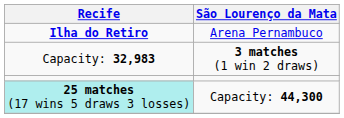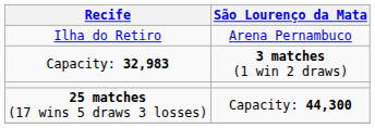 <table class="wikitable" style="text-align:center">
 <tr>
 <th><a href='#'>Recife</a></th>
 <th><a href='#'>São Lourenço da Mata</a></th>
 </tr>
 <tr>
-<td><strong><a href='#'>Ilha do Retiro</a></strong></td>
+<td><a href='#'>Ilha do Retiro</a></td>
 <td><a href='#'>Arena Pernambuco</a></td>
 </tr>
 <tr>
 <td>Capacity: <strong>32,983</strong></td>
 <td><strong>3 matches</strong><br>(1 win 2 draws)</td>
 </tr>
 <tr>
 <td></td>
 <td></td>
 </tr>
 <tr>
-<td style="background: paleturquoise;"><strong>25 matches</strong><br>(17 wins 5 draws 3 losses)</td>
+<td><strong>25 matches</strong><br>(17 wins 5 draws 3 losses)</td>
 <td>Capacity: <strong>44,300</strong></td>
 </tr>
 <tr>
 </tr>
 </table>
